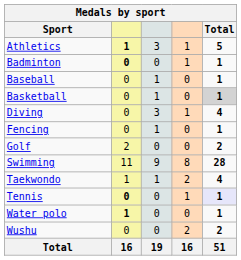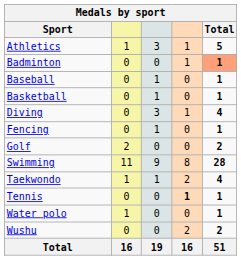 <table class="wikitable" style="font-size:90%; text-align:center;">
 <tr>
 <th colspan=5>Medals by sport</th>
 </tr>
 <tr>
 <th width=120>Sport</th>
 <th scope="col" width=30 style="background:#F7F6A8;"></th>
 <th scope="col" width=30 style="background:#DCE5E5;"></th>
 <th scope="col" width=30 style="background:#FFDAB9;"></th>
 <th width=30>Total</th>
 </tr>
 <tr>
 <td align=left><a href='#'>Athletics</a></td>
-<td style="background:#F7F6A8;"><strong>1</strong></td>
+<td style="background:#F7F6A8;">1</td>
 <td style="background:#DCE5E5;">3</td>
 <td style="background:#FFDAB9;">1</td>
 <td><strong>5</strong></td>
 </tr>
 <tr>
 <td align=left><a href='#'>Badminton</a></td>
-<td style="background:#F7F6A8;"><strong>0</strong></td>
+<td style="background:#F7F6A8;">0</td>
 <td style="background:#DCE5E5;">0</td>
 <td style="background:#FFDAB9;">1</td>
-<td><strong>1</strong></td>
+<td style="background: lightsalmon;"><strong>1</strong></td>
 </tr>
 <tr>
 <td align=left><a href='#'>Baseball</a></td>
 <td style="background:#F7F6A8;">0</td>
 <td style="background:#DCE5E5;">1</td>
 <td style="background:#FFDAB9;">0</td>
 <td><strong>1</strong></td>
 </tr>
 <tr>
 <td align=left><a href='#'>Basketball</a></td>
 <td style="background:#F7F6A8;">0</td>
 <td style="background:#DCE5E5;">1</td>
 <td style="background:#FFDAB9;">0</td>
-<td style="background: lightgrey;"><strong>1</strong></td>
+<td><strong>1</strong></td>
 </tr>
 <tr>
 <td align=left><a href='#'>Diving</a></td>
 <td style="background:#F7F6A8;">0</td>
 <td style="background:#DCE5E5;">3</td>
 <td style="background:#FFDAB9;">1</td>
 <td><strong>4</strong></td>
 </tr>
 <tr>
 <td align=left><a href='#'>Fencing</a></td>
 <td style="background:#F7F6A8;">0</td>
 <td style="background:#DCE5E5;">1</td>
 <td style="background:#FFDAB9;">0</td>
 <td><strong>1</strong></td>
 </tr>
 <tr>
 <td align=left><a href='#'>Golf</a></td>
 <td style="background:#F7F6A8;">2</td>
 <td style="background:#DCE5E5;">0</td>
 <td style="background:#FFDAB9;">0</td>
 <td><strong>2</strong></td>
 </tr>
 <tr>
 <td align=left><a href='#'>Swimming</a></td>
 <td style="background:#F7F6A8;">11</td>
 <td style="background:#DCE5E5;">9</td>
 <td style="background:#FFDAB9;">8</td>
 <td><strong>28</strong></td>
 </tr>
 <tr>
 <td align=left><a href='#'>Taekwondo</a></td>
 <td style="background:#F7F6A8;">1</td>
 <td style="background:#DCE5E5;">1</td>
 <td style="background:#FFDAB9;">2</td>
 <td><strong>4</strong></td>
 </tr>
 <tr>
 <td align=left><a href='#'>Tennis</a></td>
-<td style="background:#F7F6A8;"><strong>0</strong></td>
+<td style="background:#F7F6A8;">0</td>
 <td style="background:#DCE5E5;">0</td>
-<td style="background:#FFDAB9;">1</td>
-<td style="background: lavender;"><strong>1</strong></td>
+<td style="background:#FFDAB9;"><strong>1</strong></td>
+<td><strong>1</strong></td>
 </tr>
 <tr>
 <td align=left><a href='#'>Water polo</a></td>
-<td style="background:#F7F6A8;"><strong>1</strong></td>
+<td style="background:#F7F6A8;">1</td>
 <td style="background:#DCE5E5;">0</td>
 <td style="background:#FFDAB9;">0</td>
 <td><strong>1</strong></td>
 </tr>
 <tr>
 <td align=left><a href='#'>Wushu</a></td>
 <td style="background:#F7F6A8;">0</td>
 <td style="background:#DCE5E5;">0</td>
 <td style="background:#FFDAB9;">2</td>
 <td><strong>2</strong></td>
 </tr>
 <tr class="sortbottom">
 <th>Total</th>
 <th>16</th>
 <th>19</th>
 <th>16</th>
 <th>51</th>
 </tr>
 </table>
